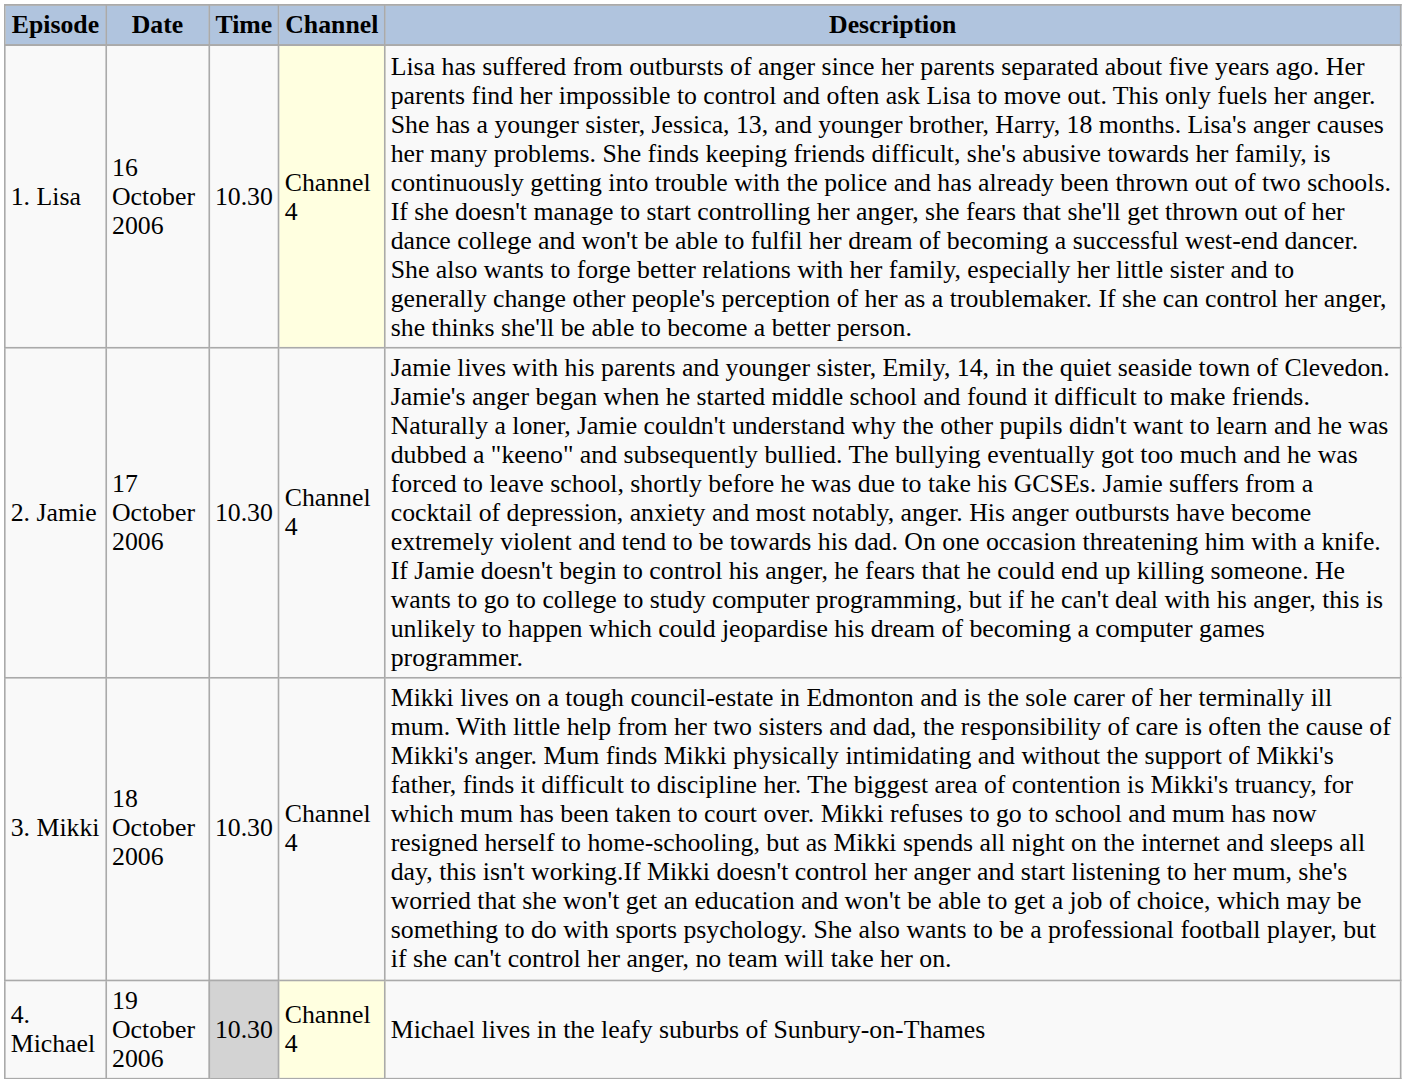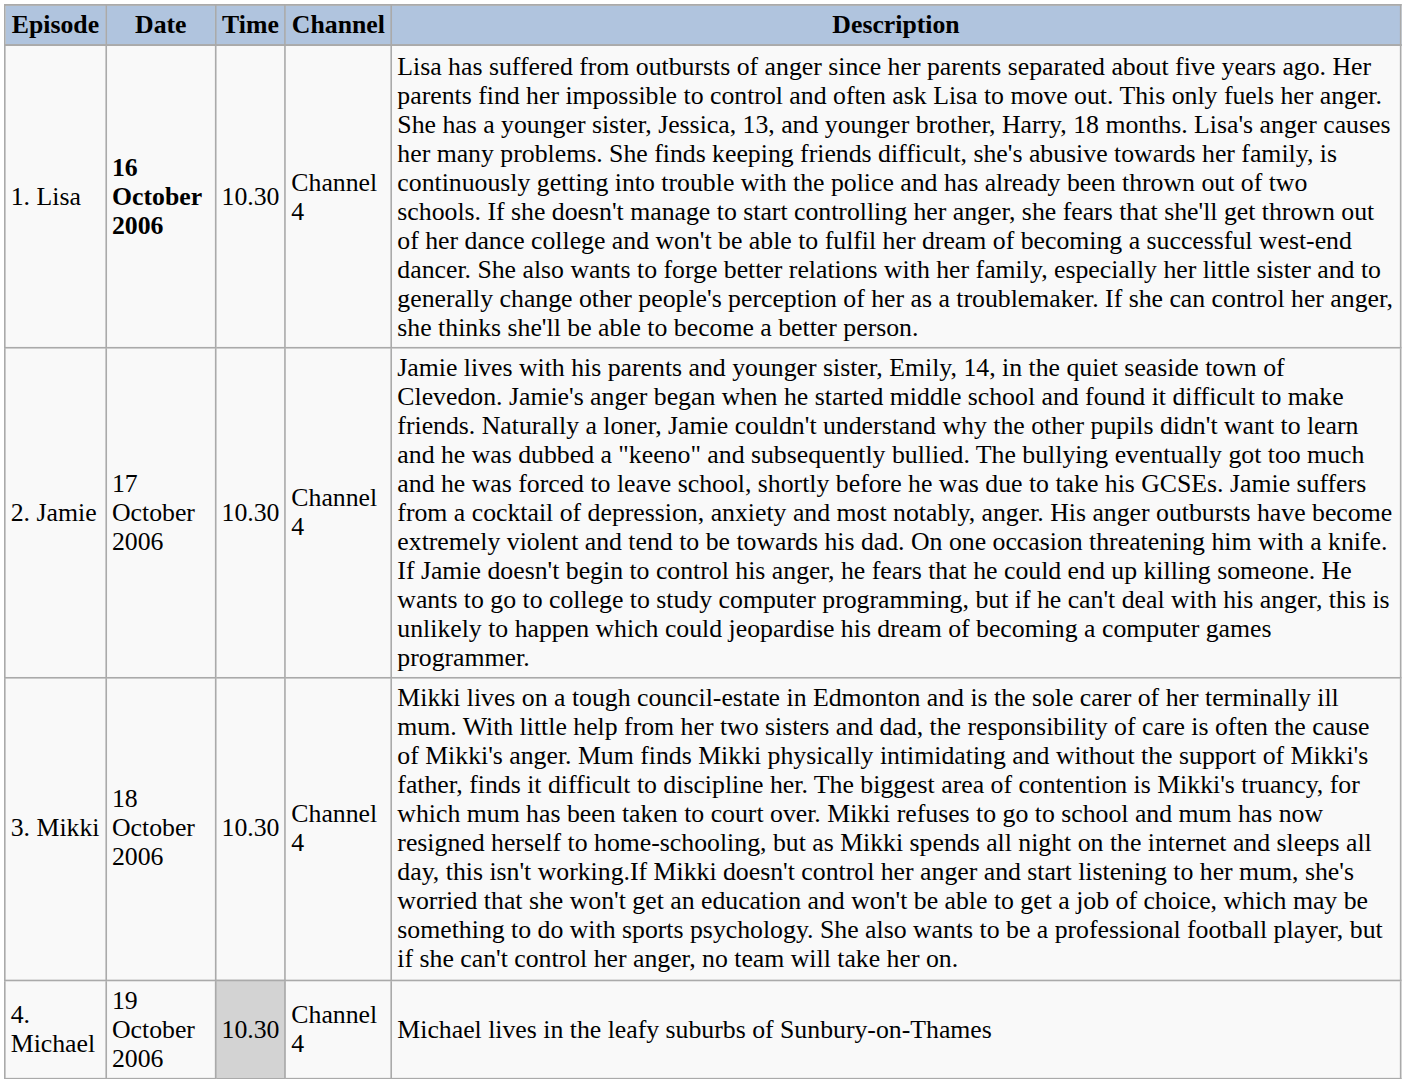 <table class="wikitable sortable">
 <tr>
 </tr>
 <tr>
 <th style="background:#B0C4DE;">Episode</th>
 <th style="background:#B0C4DE;">Date</th>
 <th style="background:#B0C4DE;">Time</th>
 <th style="background:#B0C4DE;">Channel</th>
 <th style="background:#B0C4DE;">Description</th>
 </tr>
 <tr>
 </tr>
 <tr>
 <td>1. Lisa</td>
-<td>16 October 2006</td>
+<td><strong>16 October 2006</strong></td>
 <td>10.30</td>
-<td style="background: lightyellow;">Channel 4</td>
+<td>Channel 4</td>
 <td>Lisa has suffered from outbursts of anger since her parents separated about five years ago. Her parents find her impossible to control and often ask Lisa to move out. This only fuels her anger. She has a younger sister, Jessica, 13, and younger brother, Harry, 18 months. Lisa's anger causes her many problems. She finds keeping friends difficult, she's abusive towards her family, is continuously getting into trouble with the police and has already been thrown out of two schools. If she doesn't manage to start controlling her anger, she fears that she'll get thrown out of her dance college and won't be able to fulfil her dream of becoming a successful west-end dancer. She also wants to forge better relations with her family, especially her little sister and to generally change other people's perception of her as a troublemaker. If she can control her anger, she thinks she'll be able to become a better person.</td>
 </tr>
 <tr>
 <td>2. Jamie</td>
 <td>17 October 2006</td>
 <td>10.30</td>
 <td>Channel 4</td>
 <td>Jamie lives with his parents and younger sister, Emily, 14, in the quiet seaside town of Clevedon. Jamie's anger began when he started middle school and found it difficult to make friends. Naturally a loner, Jamie couldn't understand why the other pupils didn't want to learn and he was dubbed a "keeno" and subsequently bullied. The bullying eventually got too much and he was forced to leave school, shortly before he was due to take his GCSEs. Jamie suffers from a cocktail of depression, anxiety and most notably, anger. His anger outbursts have become extremely violent and tend to be towards his dad. On one occasion threatening him with a knife. If Jamie doesn't begin to control his anger, he fears that he could end up killing someone. He wants to go to college to study computer programming, but if he can't deal with his anger, this is unlikely to happen which could jeopardise his dream of becoming a computer games programmer.</td>
 </tr>
 <tr>
 <td>3. Mikki</td>
 <td>18 October 2006</td>
 <td>10.30</td>
 <td>Channel 4</td>
 <td>Mikki lives on a tough council-estate in Edmonton and is the sole carer of her terminally ill mum. With little help from her two sisters and dad, the responsibility of care is often the cause of Mikki's anger. Mum finds Mikki physically intimidating and without the support of Mikki's father, finds it difficult to discipline her. The biggest area of contention is Mikki's truancy, for which mum has been taken to court over. Mikki refuses to go to school and mum has now resigned herself to home-schooling, but as Mikki spends all night on the internet and sleeps all day, this isn't working.If Mikki doesn't control her anger and start listening to her mum, she's worried that she won't get an education and won't be able to get a job of choice, which may be something to do with sports psychology. She also wants to be a professional football player, but if she can't control her anger, no team will take her on.</td>
 </tr>
 <tr>
 <td>4. Michael</td>
 <td>19 October 2006</td>
 <td style="background: lightgrey;">10.30</td>
-<td style="background: lightyellow;">Channel 4</td>
+<td>Channel 4</td>
 <td>Michael lives in the leafy suburbs of Sunbury-on-Thames</td>
 </tr>
 </table>
